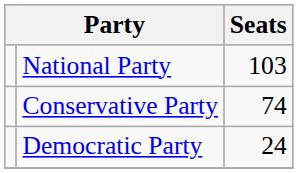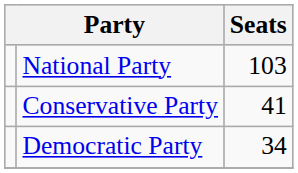 <table class="wikitable" style="text-align:right">
 <tr>
 <th colspan="2">Party</th>
 <th>Seats</th>
 </tr>
 <tr>
 <td></td>
 <td align="left"><a href='#'>National Party</a></td>
 <td>103</td>
 </tr>
 <tr>
 <td></td>
 <td align="left"><a href='#'>Conservative Party</a></td>
-<td>74</td>
+<td>41</td>
 </tr>
 <tr>
 <td></td>
 <td align="left"><a href='#'>Democratic Party</a></td>
-<td>24</td>
+<td>34</td>
 </tr>
 <tr>
 </tr>
 </table>
